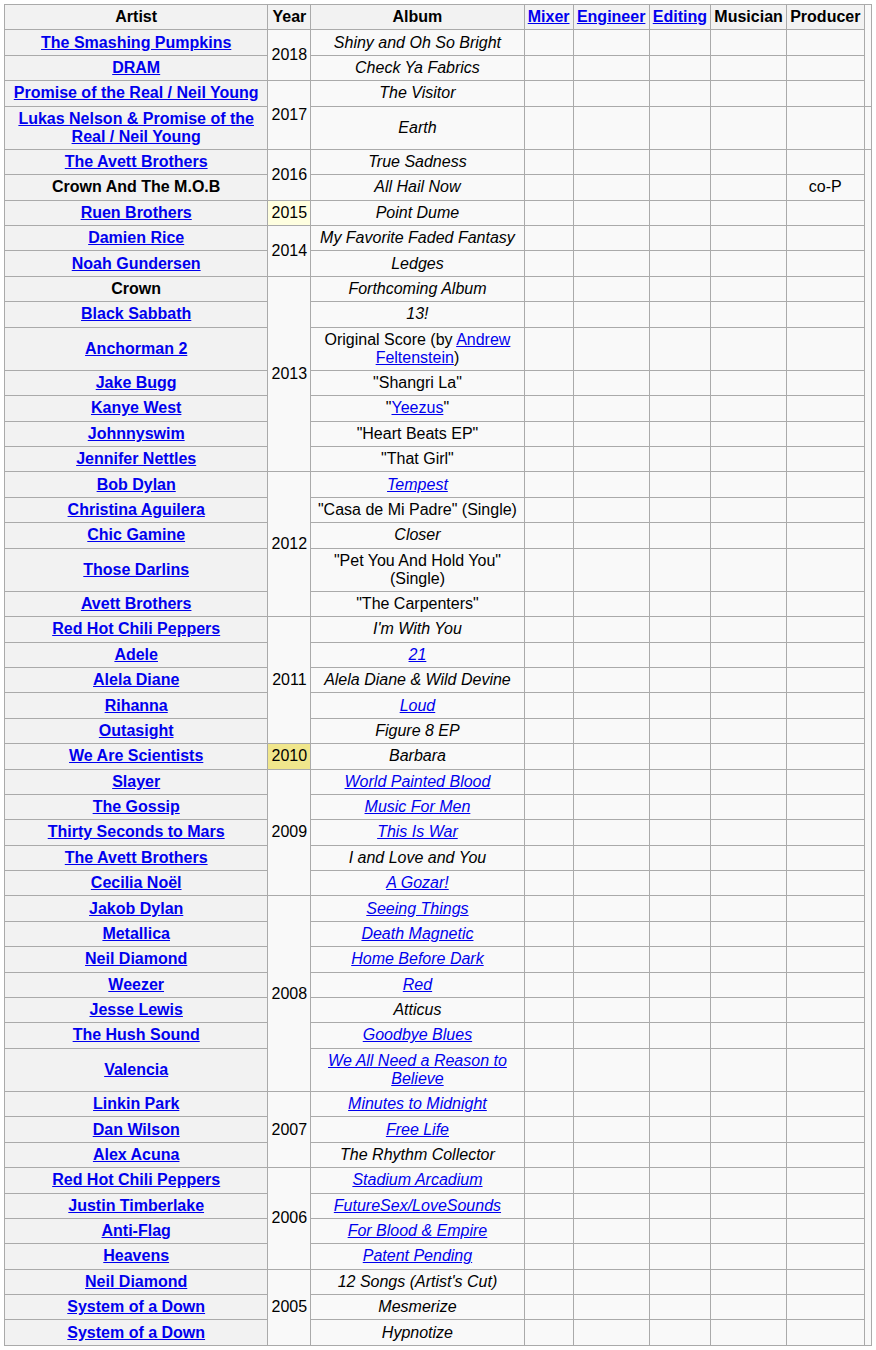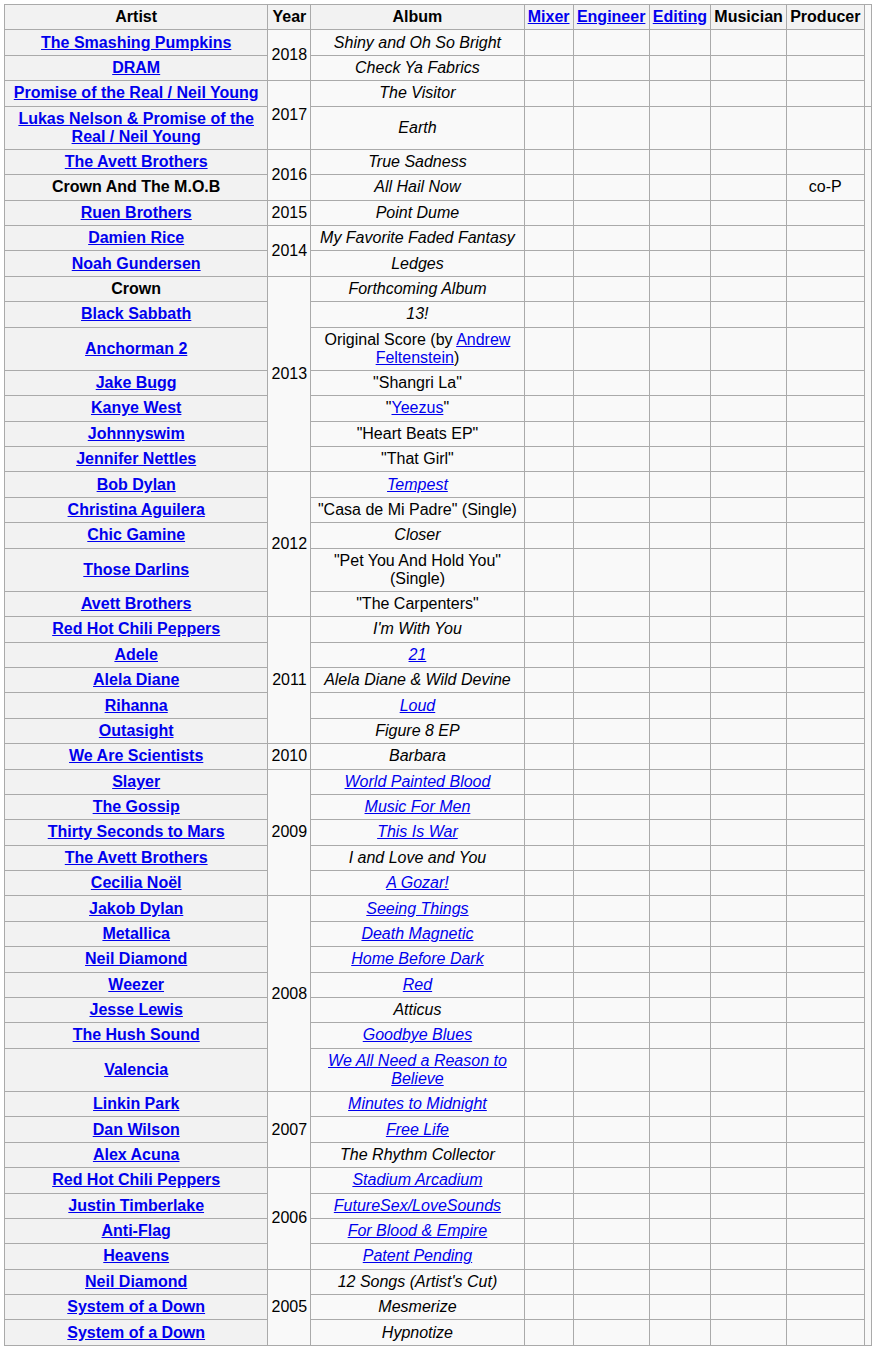 <table class="wikitable plainrowheaders" style="text-align:center;">
 <tr>
 <th scope="col" style="width:16em;">Artist</th>
 <th scope="col">Year</th>
 <th scope="col">Album</th>
 <th scope="col"><a href='#'>Mixer</a></th>
 <th scope="col"><a href='#'>Engineer</a></th>
 <th scope="col"><a href='#'>Editing</a></th>
 <th scope="col">Musician</th>
 <th scope="col">Producer</th>
 </tr>
 <tr>
 <th scope="row"><a href='#'>The Smashing Pumpkins</a></th>
 <td rowspan="2">2018</td>
 <td><em>Shiny and Oh So Bright</em></td>
 <td></td>
 <td></td>
 <td></td>
 <td></td>
 <td></td>
 </tr>
 <tr>
 <th scope="row"><a href='#'>DRAM</a></th>
 <td><em>Check Ya Fabrics</em></td>
 <td></td>
 <td></td>
 <td></td>
 <td></td>
 <td></td>
 </tr>
 <tr>
 <th scope="row"><a href='#'>Promise of the Real / Neil Young</a></th>
 <td rowspan="2">2017</td>
 <td><em>The Visitor</em></td>
 <td></td>
 <td></td>
 <td></td>
 <td></td>
 <td></td>
 </tr>
 <tr>
 <th scope="row"><a href='#'>Lukas Nelson & Promise of the Real / Neil Young</a></th>
 <td><em>Earth</em></td>
 <td></td>
 <td></td>
 <td></td>
 <td></td>
 <td></td>
 <td></td>
 </tr>
 <tr>
 <th scope="row"><a href='#'>The Avett Brothers</a></th>
 <td rowspan="2">2016</td>
 <td><em>True Sadness</em></td>
 <td></td>
 <td></td>
 <td></td>
 <td></td>
 <td></td>
 </tr>
 <tr>
 <th scope="row">Crown And The M.O.B</th>
 <td><em>All Hail Now</em></td>
 <td></td>
 <td></td>
 <td></td>
 <td></td>
 <td>co-P</td>
 </tr>
 <tr>
 <th scope="row"><a href='#'>Ruen Brothers</a></th>
-<td rowspan="1" style="background: lightyellow;">2015</td>
+<td rowspan="1">2015</td>
 <td><em>Point Dume</em></td>
 <td></td>
 <td></td>
 <td></td>
 <td></td>
 <td></td>
 </tr>
 <tr>
 <th scope="row"><a href='#'>Damien Rice</a></th>
 <td rowspan="2">2014</td>
 <td><em>My Favorite Faded Fantasy</em></td>
 <td></td>
 <td></td>
 <td></td>
 <td></td>
 <td></td>
 </tr>
 <tr>
 <th scope="row"><a href='#'>Noah Gundersen</a></th>
 <td><em>Ledges</em></td>
 <td></td>
 <td></td>
 <td></td>
 <td></td>
 <td></td>
 </tr>
 <tr>
 <th scope="row">Crown</th>
 <td rowspan="7">2013</td>
 <td><em>Forthcoming Album</em></td>
 <td></td>
 <td></td>
 <td></td>
 <td></td>
 <td></td>
 </tr>
 <tr>
 <th scope="row"><a href='#'>Black Sabbath</a></th>
 <td><em>13!</em></td>
 <td></td>
 <td></td>
 <td></td>
 <td></td>
 <td></td>
 </tr>
 <tr>
 <th scope="row"><a href='#'>Anchorman 2</a></th>
 <td>Original Score (by <a href='#'>Andrew Feltenstein</a>)</td>
 <td></td>
 <td></td>
 <td></td>
 <td></td>
 <td></td>
 </tr>
 <tr>
 <th scope="row"><a href='#'>Jake Bugg</a></th>
 <td>"Shangri La"</td>
 <td></td>
 <td></td>
 <td></td>
 <td></td>
 <td></td>
 </tr>
 <tr>
 <th scope="row"><a href='#'>Kanye West</a></th>
 <td>"<a href='#'>Yeezus</a>"</td>
 <td></td>
 <td></td>
 <td></td>
 <td></td>
 <td></td>
 </tr>
 <tr>
 <th scope="row"><a href='#'>Johnnyswim</a></th>
 <td>"Heart Beats EP"</td>
 <td></td>
 <td></td>
 <td></td>
 <td></td>
 <td></td>
 </tr>
 <tr>
 <th scope="row"><a href='#'>Jennifer Nettles</a></th>
 <td>"That Girl"</td>
 <td></td>
 <td></td>
 <td></td>
 <td></td>
 <td></td>
 </tr>
 <tr>
 <th scope="row"><a href='#'>Bob Dylan</a></th>
 <td rowspan="5">2012</td>
 <td><em><a href='#'>Tempest</a></em></td>
 <td></td>
 <td></td>
 <td></td>
 <td></td>
 <td></td>
 </tr>
 <tr>
 <th scope="row"><a href='#'>Christina Aguilera</a></th>
 <td>"Casa de Mi Padre" (Single)</td>
 <td></td>
 <td></td>
 <td></td>
 <td></td>
 <td></td>
 </tr>
 <tr>
 <th scope="row"><a href='#'>Chic Gamine</a></th>
 <td><em>Closer</em></td>
 <td></td>
 <td></td>
 <td></td>
 <td></td>
 <td></td>
 </tr>
 <tr>
 <th scope="row"><a href='#'>Those Darlins</a></th>
 <td>"Pet You And Hold You" (Single)</td>
 <td></td>
 <td></td>
 <td></td>
 <td></td>
 <td></td>
 </tr>
 <tr>
 <th scope="row"><a href='#'>Avett Brothers</a></th>
 <td>"The Carpenters"</td>
 <td></td>
 <td></td>
 <td></td>
 <td></td>
 <td></td>
 </tr>
 <tr>
 <th scope="row"><a href='#'>Red Hot Chili Peppers</a></th>
 <td rowspan="5">2011</td>
 <td><em>I'm With You</em></td>
 <td></td>
 <td></td>
 <td></td>
 <td></td>
 <td></td>
 </tr>
 <tr>
 <th scope="row"><a href='#'>Adele</a></th>
 <td><em><a href='#'>21</a></em></td>
 <td></td>
 <td></td>
 <td></td>
 <td></td>
 <td></td>
 </tr>
 <tr>
 <th scope="row"><a href='#'>Alela Diane</a></th>
 <td><em>Alela Diane & Wild Devine</em></td>
 <td></td>
 <td></td>
 <td></td>
 <td></td>
 <td></td>
 </tr>
 <tr>
 <th scope="row"><a href='#'>Rihanna</a></th>
 <td><em><a href='#'>Loud</a></em></td>
 <td></td>
 <td></td>
 <td></td>
 <td></td>
 <td></td>
 </tr>
 <tr>
 <th scope="row"><a href='#'>Outasight</a></th>
 <td><em>Figure 8 EP</em></td>
 <td></td>
 <td></td>
 <td></td>
 <td></td>
 <td></td>
 </tr>
 <tr>
 <th scope="row"><a href='#'>We Are Scientists</a></th>
-<td rowspan="1" style="background: khaki;">2010</td>
+<td rowspan="1">2010</td>
 <td><em>Barbara</em></td>
 <td></td>
 <td></td>
 <td></td>
 <td></td>
 <td></td>
 </tr>
 <tr>
 <th scope="row"><a href='#'>Slayer</a></th>
 <td rowspan="5">2009</td>
 <td><em><a href='#'>World Painted Blood</a></em></td>
 <td></td>
 <td></td>
 <td></td>
 <td></td>
 <td></td>
 </tr>
 <tr>
 <th scope="row"><a href='#'>The Gossip</a></th>
 <td><em><a href='#'>Music For Men</a></em></td>
 <td></td>
 <td></td>
 <td></td>
 <td></td>
 <td></td>
 </tr>
 <tr>
 <th scope="row"><a href='#'>Thirty Seconds to Mars</a></th>
 <td><em><a href='#'>This Is War</a></em></td>
 <td></td>
 <td></td>
 <td></td>
 <td></td>
 <td></td>
 </tr>
 <tr>
 <th scope="row"><a href='#'>The Avett Brothers</a></th>
 <td><em>I and Love and You</em></td>
 <td></td>
 <td></td>
 <td></td>
 <td></td>
 <td></td>
 </tr>
 <tr>
 <th scope="row"><a href='#'>Cecilia Noël</a></th>
 <td><em><a href='#'>A Gozar!</a></em></td>
 <td></td>
 <td></td>
 <td></td>
 <td></td>
 <td></td>
 </tr>
 <tr>
 <th scope="row"><a href='#'>Jakob Dylan</a></th>
 <td rowspan="7">2008</td>
 <td><em><a href='#'>Seeing Things</a></em></td>
 <td></td>
 <td></td>
 <td></td>
 <td></td>
 <td></td>
 </tr>
 <tr>
 <th scope="row"><a href='#'>Metallica</a></th>
 <td><em><a href='#'>Death Magnetic</a></em></td>
 <td></td>
 <td></td>
 <td></td>
 <td></td>
 <td></td>
 </tr>
 <tr>
 <th scope="row"><a href='#'>Neil Diamond</a></th>
 <td><em><a href='#'>Home Before Dark</a></em></td>
 <td></td>
 <td></td>
 <td></td>
 <td></td>
 <td></td>
 </tr>
 <tr>
 <th scope="row"><a href='#'>Weezer</a></th>
 <td><em><a href='#'>Red</a></em></td>
 <td></td>
 <td></td>
 <td></td>
 <td></td>
 <td></td>
 </tr>
 <tr>
 <th scope="row"><a href='#'>Jesse Lewis</a></th>
 <td><em>Atticus</em></td>
 <td></td>
 <td></td>
 <td></td>
 <td></td>
 <td></td>
 </tr>
 <tr>
 <th scope="row"><a href='#'>The Hush Sound</a></th>
 <td><em><a href='#'>Goodbye Blues</a></em></td>
 <td></td>
 <td></td>
 <td></td>
 <td></td>
 <td></td>
 </tr>
 <tr>
 <th scope="row"><a href='#'>Valencia</a></th>
 <td><em><a href='#'>We All Need a Reason to Believe</a></em></td>
 <td></td>
 <td></td>
 <td></td>
 <td></td>
 <td></td>
 </tr>
 <tr>
 <th scope="row"><a href='#'>Linkin Park</a></th>
 <td rowspan="3">2007</td>
 <td><em><a href='#'>Minutes to Midnight</a></em></td>
 <td></td>
 <td></td>
 <td></td>
 <td></td>
 <td></td>
 </tr>
 <tr>
 <th scope="row"><a href='#'>Dan Wilson</a></th>
 <td><em><a href='#'>Free Life</a></em></td>
 <td></td>
 <td></td>
 <td></td>
 <td></td>
 <td></td>
 </tr>
 <tr>
 <th scope="row"><a href='#'>Alex Acuna</a></th>
 <td><em>The Rhythm Collector</em></td>
 <td></td>
 <td></td>
 <td></td>
 <td></td>
 <td></td>
 </tr>
 <tr>
 <th scope="row"><a href='#'>Red Hot Chili Peppers</a></th>
 <td rowspan="4">2006</td>
 <td><em><a href='#'>Stadium Arcadium</a></em></td>
 <td></td>
 <td></td>
 <td></td>
 <td></td>
 <td></td>
 </tr>
 <tr>
 <th scope="row"><a href='#'>Justin Timberlake</a></th>
 <td><em><a href='#'>FutureSex/LoveSounds</a></em></td>
 <td></td>
 <td></td>
 <td></td>
 <td></td>
 <td></td>
 </tr>
 <tr>
 <th scope="row"><a href='#'>Anti-Flag</a></th>
 <td><em><a href='#'>For Blood & Empire</a></em></td>
 <td></td>
 <td></td>
 <td></td>
 <td></td>
 <td></td>
 </tr>
 <tr>
 <th scope="row"><a href='#'>Heavens</a></th>
 <td><em><a href='#'>Patent Pending</a></em></td>
 <td></td>
 <td></td>
 <td></td>
 <td></td>
 <td></td>
 </tr>
 <tr>
 <th scope="row"><a href='#'>Neil Diamond</a></th>
 <td rowspan="3">2005</td>
 <td><em>12 Songs (Artist's Cut)</em></td>
 <td></td>
 <td></td>
 <td></td>
 <td></td>
 <td></td>
 </tr>
 <tr>
 <th scope="row"><a href='#'>System of a Down</a></th>
 <td><em>Mesmerize</em></td>
 <td></td>
 <td></td>
 <td></td>
 <td></td>
 <td></td>
 </tr>
 <tr>
 <th scope="row"><a href='#'>System of a Down</a></th>
 <td><em>Hypnotize</em></td>
 <td></td>
 <td></td>
 <td></td>
 <td></td>
 <td></td>
 </tr>
 <tr>
 </tr>
 </table>
